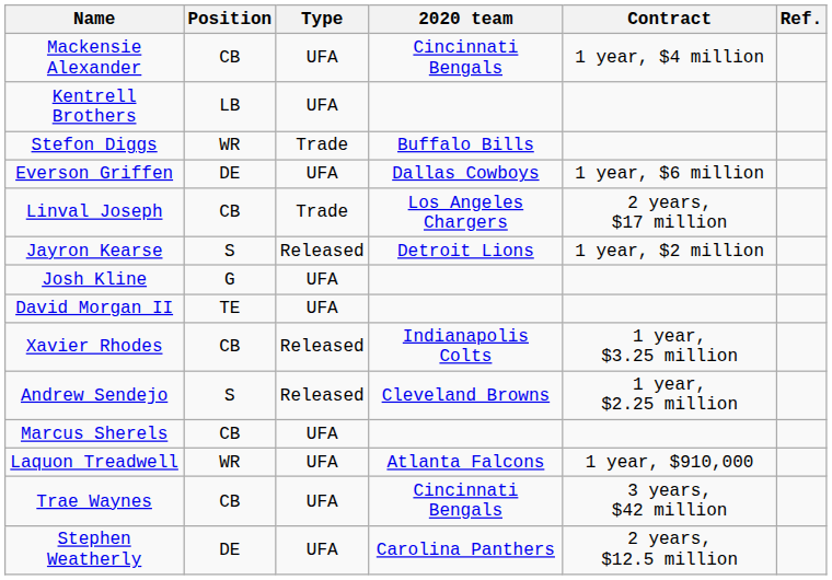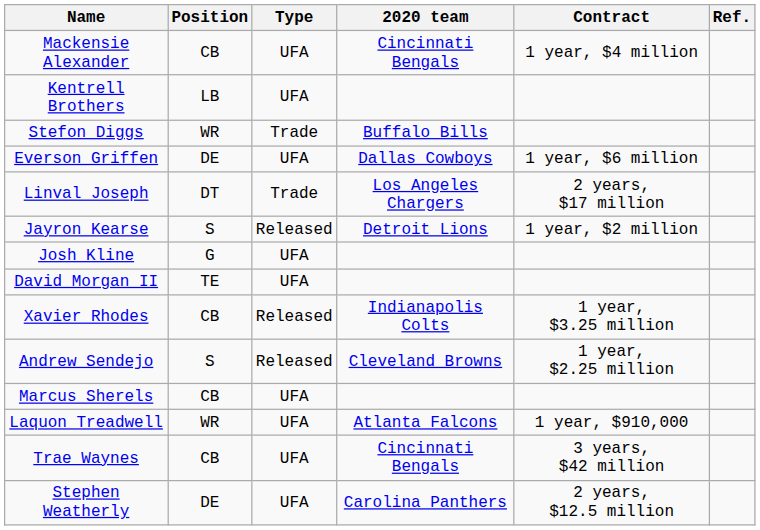 <table class="wikitable" style="text-align:center">
 <tr>
 <th>Name</th>
 <th>Position</th>
 <th>Type</th>
 <th>2020 team</th>
 <th>Contract</th>
 <th>Ref.</th>
 </tr>
 <tr>
 <td><a href='#'>Mackensie Alexander</a></td>
 <td>CB</td>
 <td>UFA</td>
 <td><a href='#'>Cincinnati Bengals</a></td>
 <td>1 year, $4 million</td>
 <td></td>
 </tr>
 <tr>
 <td><a href='#'>Kentrell Brothers</a></td>
 <td>LB</td>
 <td>UFA</td>
 <td></td>
 <td></td>
 <td></td>
 </tr>
 <tr>
 <td><a href='#'>Stefon Diggs</a></td>
 <td>WR</td>
 <td>Trade</td>
 <td><a href='#'>Buffalo Bills</a></td>
 <td></td>
 <td></td>
 </tr>
 <tr>
 <td><a href='#'>Everson Griffen</a></td>
 <td>DE</td>
 <td>UFA</td>
 <td><a href='#'>Dallas Cowboys</a></td>
 <td>1 year, $6 million</td>
 <td></td>
 </tr>
 <tr>
 <td><a href='#'>Linval Joseph</a></td>
-<td>CB</td>
+<td>DT</td>
 <td>Trade</td>
 <td><a href='#'>Los Angeles Chargers</a></td>
 <td>2 years, $17 million</td>
 <td></td>
 </tr>
 <tr>
 <td><a href='#'>Jayron Kearse</a></td>
 <td>S</td>
 <td>Released</td>
 <td><a href='#'>Detroit Lions</a></td>
 <td>1 year, $2 million</td>
 <td></td>
 </tr>
 <tr>
 <td><a href='#'>Josh Kline</a></td>
 <td>G</td>
 <td>UFA</td>
 <td></td>
 <td></td>
 <td></td>
 </tr>
 <tr>
 <td><a href='#'>David Morgan II</a></td>
 <td>TE</td>
 <td>UFA</td>
 <td></td>
 <td></td>
 <td></td>
 </tr>
 <tr>
 <td><a href='#'>Xavier Rhodes</a></td>
 <td>CB</td>
 <td>Released</td>
 <td><a href='#'>Indianapolis Colts</a></td>
 <td>1 year, $3.25 million</td>
 <td></td>
 </tr>
 <tr>
 <td><a href='#'>Andrew Sendejo</a></td>
 <td>S</td>
 <td>Released</td>
 <td><a href='#'>Cleveland Browns</a></td>
 <td>1 year, $2.25 million</td>
 <td></td>
 </tr>
 <tr>
 <td><a href='#'>Marcus Sherels</a></td>
 <td>CB</td>
 <td>UFA</td>
 <td></td>
 <td></td>
 <td></td>
 </tr>
 <tr>
 <td><a href='#'>Laquon Treadwell</a></td>
 <td>WR</td>
 <td>UFA</td>
 <td><a href='#'>Atlanta Falcons</a></td>
 <td>1 year, $910,000</td>
 <td></td>
 </tr>
 <tr>
 <td><a href='#'>Trae Waynes</a></td>
 <td>CB</td>
 <td>UFA</td>
 <td><a href='#'>Cincinnati Bengals</a></td>
 <td>3 years, $42 million</td>
 <td></td>
 </tr>
 <tr>
 <td><a href='#'>Stephen Weatherly</a></td>
 <td>DE</td>
 <td>UFA</td>
 <td><a href='#'>Carolina Panthers</a></td>
 <td>2 years, $12.5 million</td>
 <td></td>
 </tr>
 </table>
